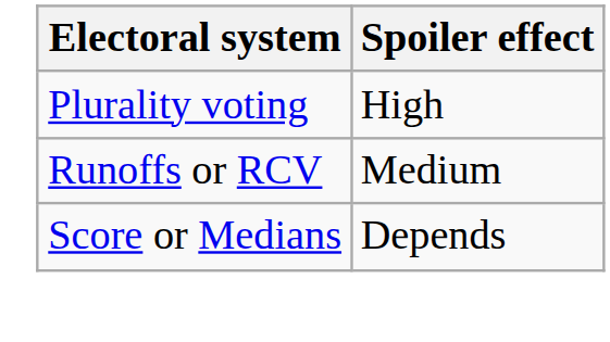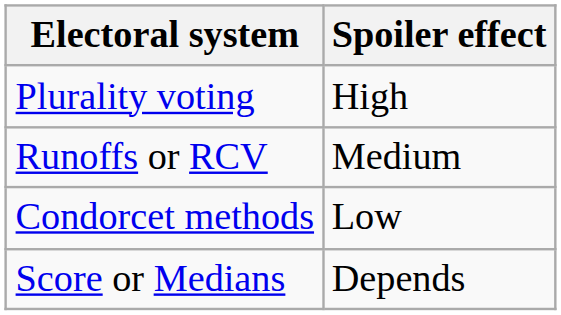 <table class="wikitable" style="float:right; margin-left:1em;">
 <tr>
 <th>Electoral system</th>
 <th>Spoiler effect</th>
 </tr>
 <tr>
 <td><a href='#'>Plurality voting</a></td>
 <td>High</td>
 </tr>
 <tr>
 <td><a href='#'>Runoffs</a> or <a href='#'>RCV</a></td>
 <td>Medium</td>
 </tr>
 <tr>
+<td><a href='#'>Condorcet methods</a></td>
+<td>Low</td>
+</tr>
+<tr>
 <td><a href='#'>Score</a> or <a href='#'>Medians</a></td>
 <td>Depends</td>
 </tr>
 </table>
